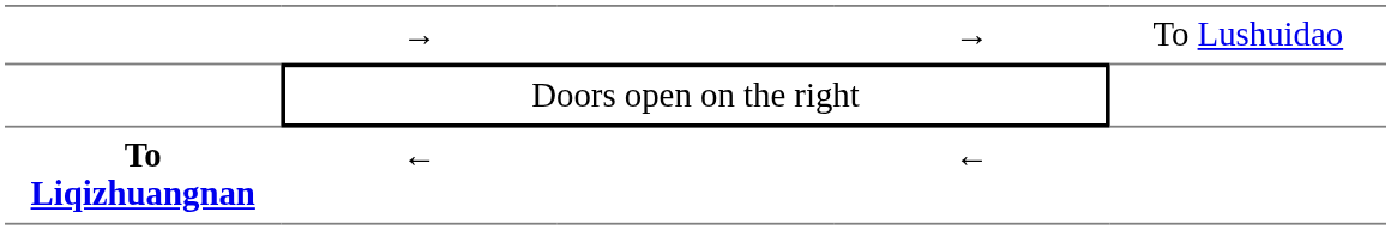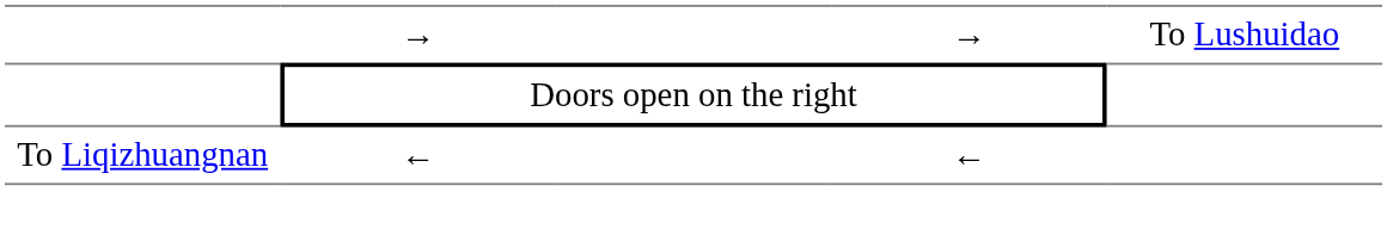 <table table border=0 cellspacing=0 cellpadding=4>
 <tr>
 <td style="border-top:solid 1px gray;" width=120 valign=top align=center></td>
 <td style="border-top:solid 1px gray;" width=120 valign=top align=center>→</td>
 <th style="border-top:solid 1px gray;" width=120 valign=top align=center></th>
 <td style="border-top:solid 1px gray;" width=120 valign=top align=center>→</td>
 <td style="border-top:solid 1px gray;" width=120 valign=top align=center>To  <a href='#'>Lushuidao</a></td>
 </tr>
 <tr>
 <td style="border-top:solid 1px gray;border-bottom:solid 1px gray;" width=120 valign=top align=center></td>
 <td style="border-top:solid 2px black;border-right:solid 2px black;border-left:solid 2px black;border-bottom:solid 2px black;" colspan=3 align=center>Doors open on the right</td>
 <td style="border-top:solid 1px gray;border-bottom:solid 1px gray;" width=120 valign=top align=center></td>
 <td></td>
 </tr>
 <tr>
-<td style="border-bottom:solid 1px gray;" valign=top align=center><strong>To  <a href='#'>Liqizhuangnan</a></strong></td>
+<td style="border-bottom:solid 1px gray;" valign=top align=center>To  <a href='#'>Liqizhuangnan</a></td>
 <td style="border-bottom:solid 1px gray;" width=120 valign=top align=center>←</td>
 <th style="border-bottom:solid 1px gray;" colspan=1 valign=top align=center></th>
 <td style="border-bottom:solid 1px gray;" width=120 valign=top align=center>←</td>
 <td style="border-bottom:solid 1px gray;"  valign=top align=center></td>
 </tr>
 </table>
